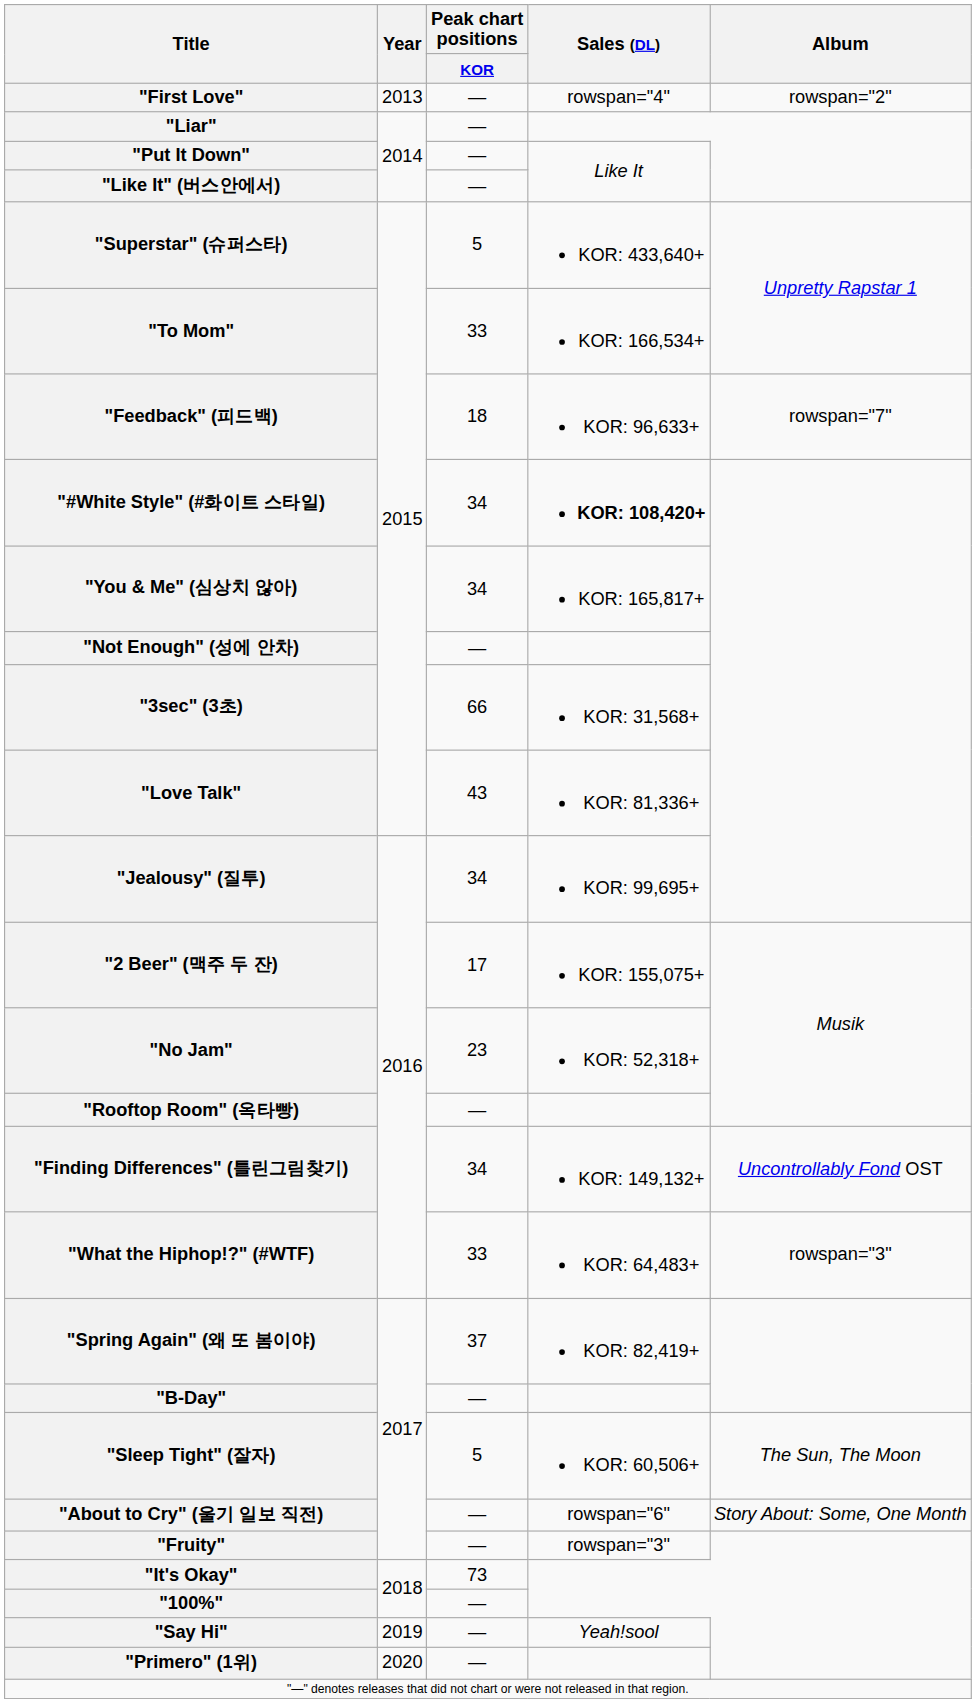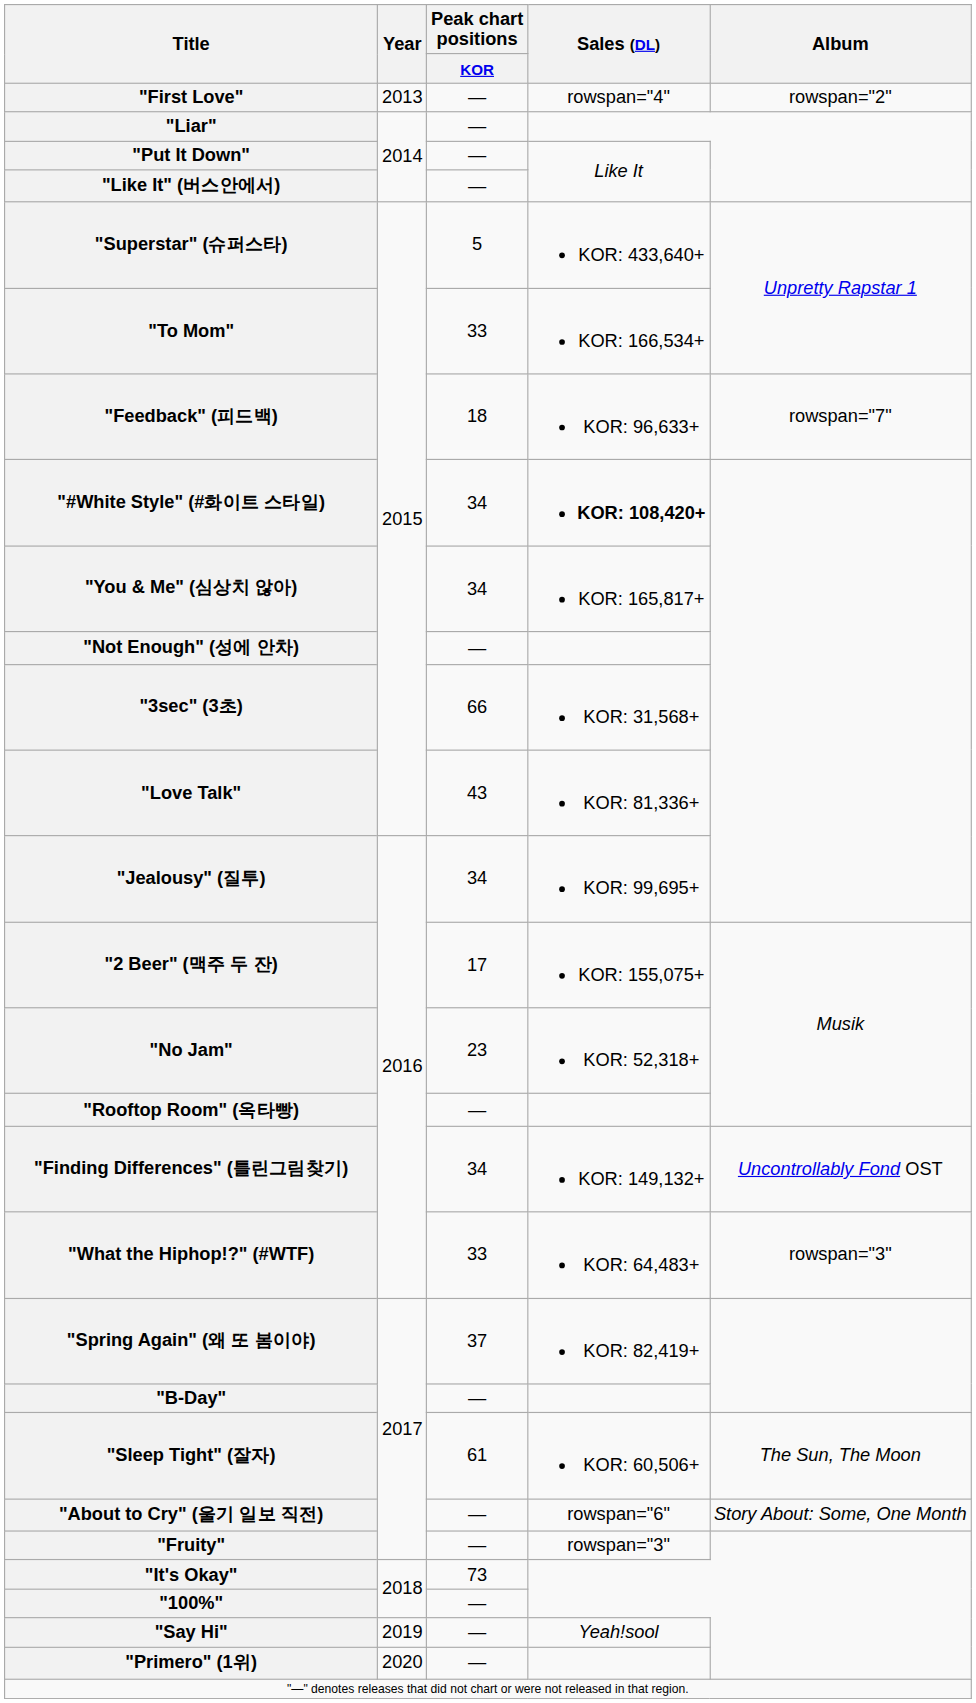 <table class="wikitable plainrowheaders" style="text-align:center;">
 <tr>
 <th scope="col" rowspan="2" style="width:20em;">Title</th>
 <th scope="col" rowspan="2">Year</th>
 <th scope="col" colspan="1">Peak chart <br> positions</th>
 <th scope="col" rowspan="2">Sales <small>(<a href='#'>DL</a>)</small></th>
 <th scope="col" rowspan="2">Album</th>
 </tr>
 <tr>
 <th><small><a href='#'>KOR</a></small><br></th>
 </tr>
 <tr>
 <th scope="row">"First Love" <br> </th>
 <td>2013</td>
 <td>—</td>
 <td>rowspan="4" </td>
 <td>rowspan="2" </td>
 </tr>
 <tr>
 <th scope="row">"Liar" <br> </th>
 <td rowspan="3">2014</td>
 <td>—</td>
 </tr>
 <tr>
 <th scope="row">"Put It Down" <br> </th>
 <td>—</td>
 <td rowspan="2"><em>Like It</em></td>
 </tr>
 <tr>
 <th scope="row">"Like It" (버스안에서)</th>
 <td>—</td>
 </tr>
 <tr>
 <th scope="row">"Superstar" (슈퍼스타) <br> </th>
 <td rowspan="8">2015</td>
 <td>5</td>
 <td><br><ul><li>KOR: 433,640+</li></ul></td>
 <td rowspan="2"><em><a href='#'>Unpretty Rapstar 1</a></em></td>
 </tr>
 <tr>
 <th scope="row">"To Mom" <br> </th>
 <td>33</td>
 <td><br><ul><li>KOR: 166,534+</li></ul></td>
 </tr>
 <tr>
 <th scope="row">"Feedback" (피드백) <br> </th>
 <td>18</td>
 <td><br><ul><li>KOR: 96,633+</li></ul></td>
 <td>rowspan="7" </td>
 </tr>
 <tr>
 <th scope="row">"#White Style" (#화이트 스타일) <br> </th>
 <td>34</td>
 <td><strong><br><ul><li>KOR: 108,420+</li></ul></strong></td>
 </tr>
 <tr>
 <th scope="row">"You & Me" (심상치 않아) <br> </th>
 <td>34</td>
 <td><br><ul><li>KOR: 165,817+</li></ul></td>
 </tr>
 <tr>
 <th scope="row">"Not Enough" (성에 안차) <br> </th>
 <td>—</td>
 <td></td>
 </tr>
 <tr>
 <th scope="row">"3sec" (3초) <br> </th>
 <td>66</td>
 <td><br><ul><li>KOR: 31,568+</li></ul></td>
 </tr>
 <tr>
 <th scope="row">"Love Talk" <br> </th>
 <td>43</td>
 <td><br><ul><li>KOR: 81,336+</li></ul></td>
 </tr>
 <tr>
 <th scope="row">"Jealousy" (질투) <br> </th>
 <td rowspan="6">2016</td>
 <td>34</td>
 <td><br><ul><li>KOR: 99,695+</li></ul></td>
 </tr>
 <tr>
 <th scope="row">"2 Beer" (맥주 두 잔)</th>
 <td>17</td>
 <td><br><ul><li>KOR: 155,075+</li></ul></td>
 <td rowspan="3"><em>Musik</em></td>
 </tr>
 <tr>
 <th scope="row">"No Jam"</th>
 <td>23</td>
 <td><br><ul><li>KOR: 52,318+</li></ul></td>
 </tr>
 <tr>
 <th scope="row">"Rooftop Room" (옥타빵)</th>
 <td>—</td>
 <td></td>
 </tr>
 <tr>
 <th scope="row">"Finding Differences" (틀린그림찾기) <br> </th>
 <td>34</td>
 <td><br><ul><li>KOR: 149,132+</li></ul></td>
 <td><em><a href='#'>Uncontrollably Fond</a></em> OST</td>
 </tr>
 <tr>
 <th scope="row">"What the Hiphop!?" (#WTF) <br> </th>
 <td>33</td>
 <td><br><ul><li>KOR: 64,483+</li></ul></td>
 <td>rowspan="3" </td>
 </tr>
 <tr>
 <th scope="row">"Spring Again" (왜 또 봄이야) <br> </th>
 <td rowspan="5">2017</td>
 <td>37</td>
 <td><br><ul><li>KOR: 82,419+</li></ul></td>
 </tr>
 <tr>
 <th scope="row">"B-Day" <br> </th>
 <td>—</td>
 <td></td>
 </tr>
 <tr>
 <th scope="row">"Sleep Tight" (잘자) <br> </th>
-<td>5</td>
+<td>61</td>
 <td><br><ul><li>KOR: 60,506+</li></ul></td>
 <td><em>The Sun, The Moon</em></td>
 </tr>
 <tr>
 <th scope="row">"About to Cry" (울기 일보 직전) <br> </th>
 <td>—</td>
 <td>rowspan="6" </td>
 <td><em>Story About: Some, One Month</em></td>
 </tr>
 <tr>
 <th scope="row">"Fruity" <br> </th>
 <td>—</td>
 <td>rowspan="3" </td>
 </tr>
 <tr>
 <th scope="row">"It's Okay" <br> </th>
 <td rowspan="2">2018</td>
 <td>73</td>
 </tr>
 <tr>
 <th scope="row">"100%"</th>
 <td>—</td>
 </tr>
 <tr>
 <th scope="row">"Say Hi" <br> </th>
 <td>2019</td>
 <td>—</td>
 <td><em>Yeah!sool</em></td>
 </tr>
 <tr>
 <th scope="row">"Primero" (1위)</th>
 <td>2020</td>
 <td>—</td>
 <td></td>
 </tr>
 <tr>
 <td colspan="5" style="font-size:8pt">"—" denotes releases that did not chart or were not released in that region.</td>
 </tr>
 </table>
